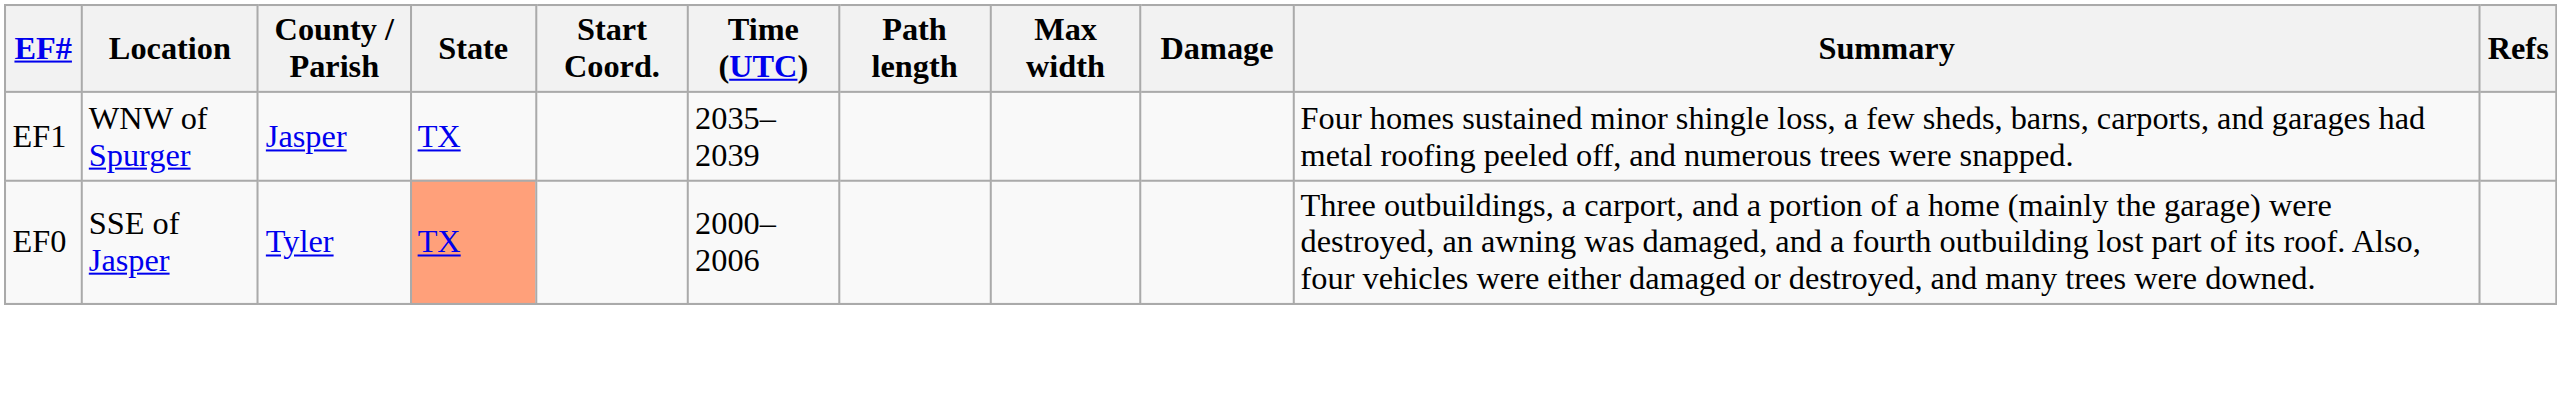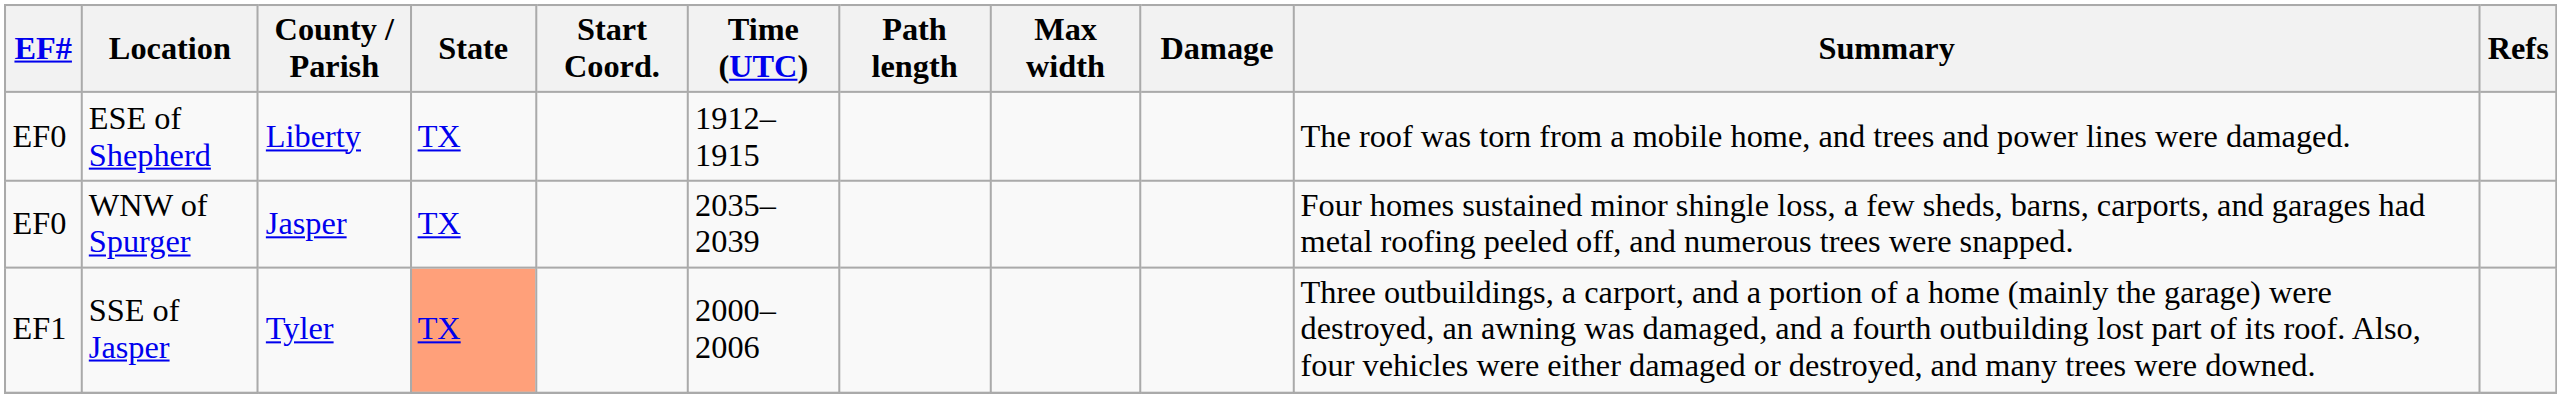 <table class="wikitable sortable" style="width:100%;">
 <tr>
 <th scope="col" width="3%" align="center"><a href='#'>EF#</a></th>
 <th scope="col" width="7%" align="center" class="unsortable">Location</th>
 <th scope="col" width="6%" align="center" class="unsortable">County / Parish</th>
 <th scope="col" width="5%" align="center">State</th>
 <th scope="col" width="6%" align="center">Start Coord.</th>
 <th scope="col" width="6%" align="center">Time (<a href='#'>UTC</a>)</th>
 <th scope="col" width="6%" align="center">Path length</th>
 <th scope="col" width="6%" align="center">Max width</th>
 <th scope="col" width="6%" align="center">Damage</th>
 <th scope="col" width="48%" class="unsortable" align="center">Summary</th>
 <th scope="col" width="48%" class="unsortable" align="center">Refs</th>
 </tr>
 <tr>
-<td>EF1</td>
+<td>EF0</td>
+<td>ESE of <a href='#'>Shepherd</a></td>
+<td><a href='#'>Liberty</a></td>
+<td><a href='#'>TX</a></td>
+<td></td>
+<td>1912–1915</td>
+<td></td>
+<td></td>
+<td></td>
+<td>The roof was torn from a mobile home, and trees and power lines were damaged.</td>
+<td></td>
+</tr>
+<tr>
+<td>EF0</td>
 <td>WNW of <a href='#'>Spurger</a></td>
 <td><a href='#'>Jasper</a></td>
 <td><a href='#'>TX</a></td>
 <td></td>
 <td>2035–2039</td>
 <td></td>
 <td></td>
 <td></td>
 <td>Four homes sustained minor shingle loss, a few sheds, barns, carports, and garages had metal roofing peeled off, and numerous trees were snapped.</td>
 <td></td>
 </tr>
 <tr>
-<td>EF0</td>
+<td>EF1</td>
 <td>SSE of <a href='#'>Jasper</a></td>
 <td><a href='#'>Tyler</a></td>
 <td style="background: lightsalmon;"><a href='#'>TX</a></td>
 <td></td>
 <td>2000–2006</td>
 <td></td>
 <td></td>
 <td></td>
 <td>Three outbuildings, a carport, and a portion of a home (mainly the garage) were destroyed, an awning was damaged, and a fourth outbuilding lost part of its roof. Also, four vehicles were either damaged or destroyed, and many trees were downed.</td>
 <td></td>
 </tr>
 <tr>
 </tr>
 </table>
